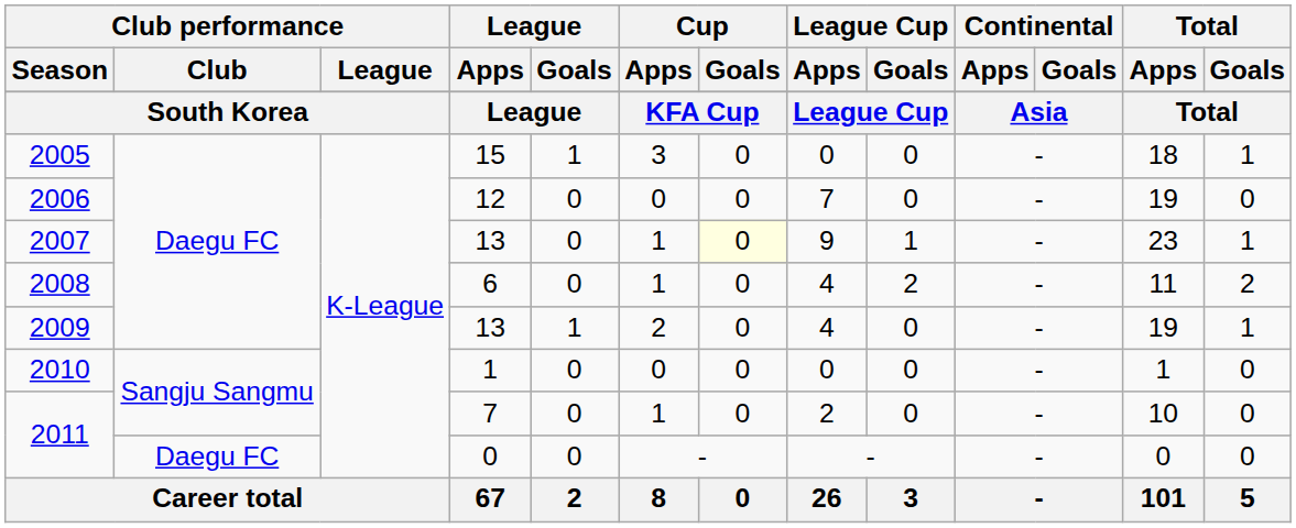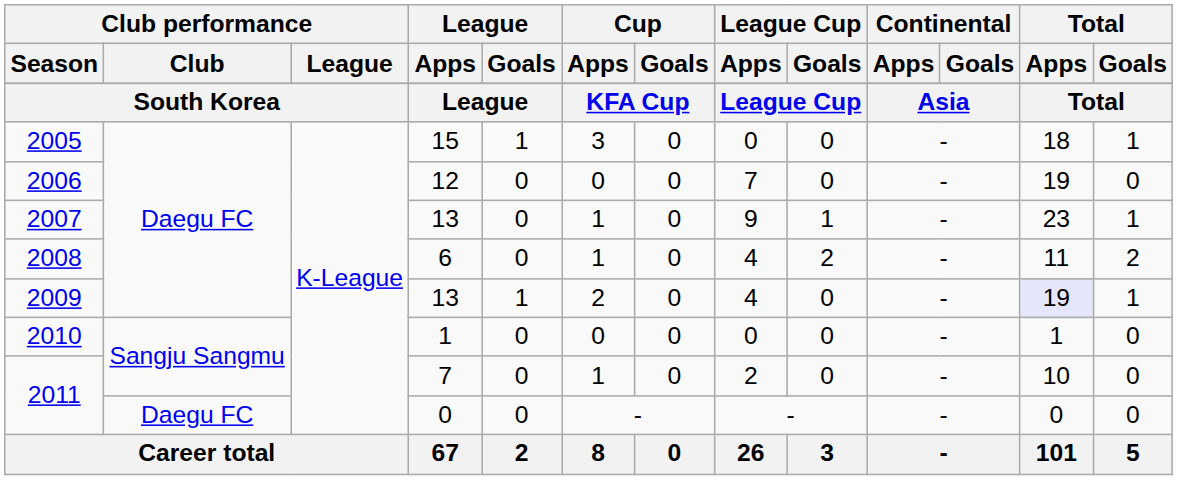 <table class="wikitable" style="text-align:center">
 <tr>
 <th colspan=3>Club performance</th>
 <th colspan=2>League</th>
 <th colspan=2>Cup</th>
 <th colspan=2>League Cup</th>
 <th colspan=2>Continental</th>
 <th colspan=2>Total</th>
 </tr>
 <tr>
 <th>Season</th>
 <th>Club</th>
 <th>League</th>
 <th>Apps</th>
 <th>Goals</th>
 <th>Apps</th>
 <th>Goals</th>
 <th>Apps</th>
 <th>Goals</th>
 <th>Apps</th>
 <th>Goals</th>
 <th>Apps</th>
 <th>Goals</th>
 </tr>
 <tr>
 </tr>
 <tr>
 <th colspan=3>South Korea</th>
 <th colspan=2>League</th>
 <th colspan=2><a href='#'>KFA Cup</a></th>
 <th colspan=2><a href='#'>League Cup</a></th>
 <th colspan=2><a href='#'>Asia</a></th>
 <th colspan=2>Total</th>
 </tr>
 <tr>
 <td><a href='#'>2005</a></td>
 <td rowspan="5"><a href='#'>Daegu FC</a></td>
 <td rowspan="8"><a href='#'>K-League</a></td>
 <td>15</td>
 <td>1</td>
 <td>3</td>
 <td>0</td>
 <td>0</td>
 <td>0</td>
 <td colspan="2">-</td>
 <td>18</td>
 <td>1</td>
 </tr>
 <tr>
 <td><a href='#'>2006</a></td>
 <td>12</td>
 <td>0</td>
 <td>0</td>
 <td>0</td>
 <td>7</td>
 <td>0</td>
 <td colspan="2">-</td>
 <td>19</td>
 <td>0</td>
 </tr>
 <tr>
 <td><a href='#'>2007</a></td>
 <td>13</td>
 <td>0</td>
 <td>1</td>
-<td style="background: lightyellow;">0</td>
+<td>0</td>
 <td>9</td>
 <td>1</td>
 <td colspan="2">-</td>
 <td>23</td>
 <td>1</td>
 </tr>
 <tr>
 <td><a href='#'>2008</a></td>
 <td>6</td>
 <td>0</td>
 <td>1</td>
 <td>0</td>
 <td>4</td>
 <td>2</td>
 <td colspan="2">-</td>
 <td>11</td>
 <td>2</td>
 </tr>
 <tr>
 <td><a href='#'>2009</a></td>
 <td>13</td>
 <td>1</td>
 <td>2</td>
 <td>0</td>
 <td>4</td>
 <td>0</td>
 <td colspan="2">-</td>
-<td>19</td>
+<td style="background: lavender;">19</td>
 <td>1</td>
 </tr>
 <tr>
 <td><a href='#'>2010</a></td>
 <td rowspan="2"><a href='#'>Sangju Sangmu</a></td>
 <td>1</td>
 <td>0</td>
 <td>0</td>
 <td>0</td>
 <td>0</td>
 <td>0</td>
 <td colspan="2">-</td>
 <td>1</td>
 <td>0</td>
 </tr>
 <tr>
 <td rowspan="2"><a href='#'>2011</a></td>
 <td>7</td>
 <td>0</td>
 <td>1</td>
 <td>0</td>
 <td>2</td>
 <td>0</td>
 <td colspan="2">-</td>
 <td>10</td>
 <td>0</td>
 </tr>
 <tr>
 <td><a href='#'>Daegu FC</a></td>
 <td>0</td>
 <td>0</td>
 <td colspan="2">-</td>
 <td colspan="2">-</td>
 <td colspan="2">-</td>
 <td>0</td>
 <td>0</td>
 </tr>
 <tr>
 <th colspan=3>Career total</th>
 <th>67</th>
 <th>2</th>
 <th>8</th>
 <th>0</th>
 <th>26</th>
 <th>3</th>
 <th colspan="2">-</th>
 <th>101</th>
 <th>5</th>
 </tr>
 </table>
